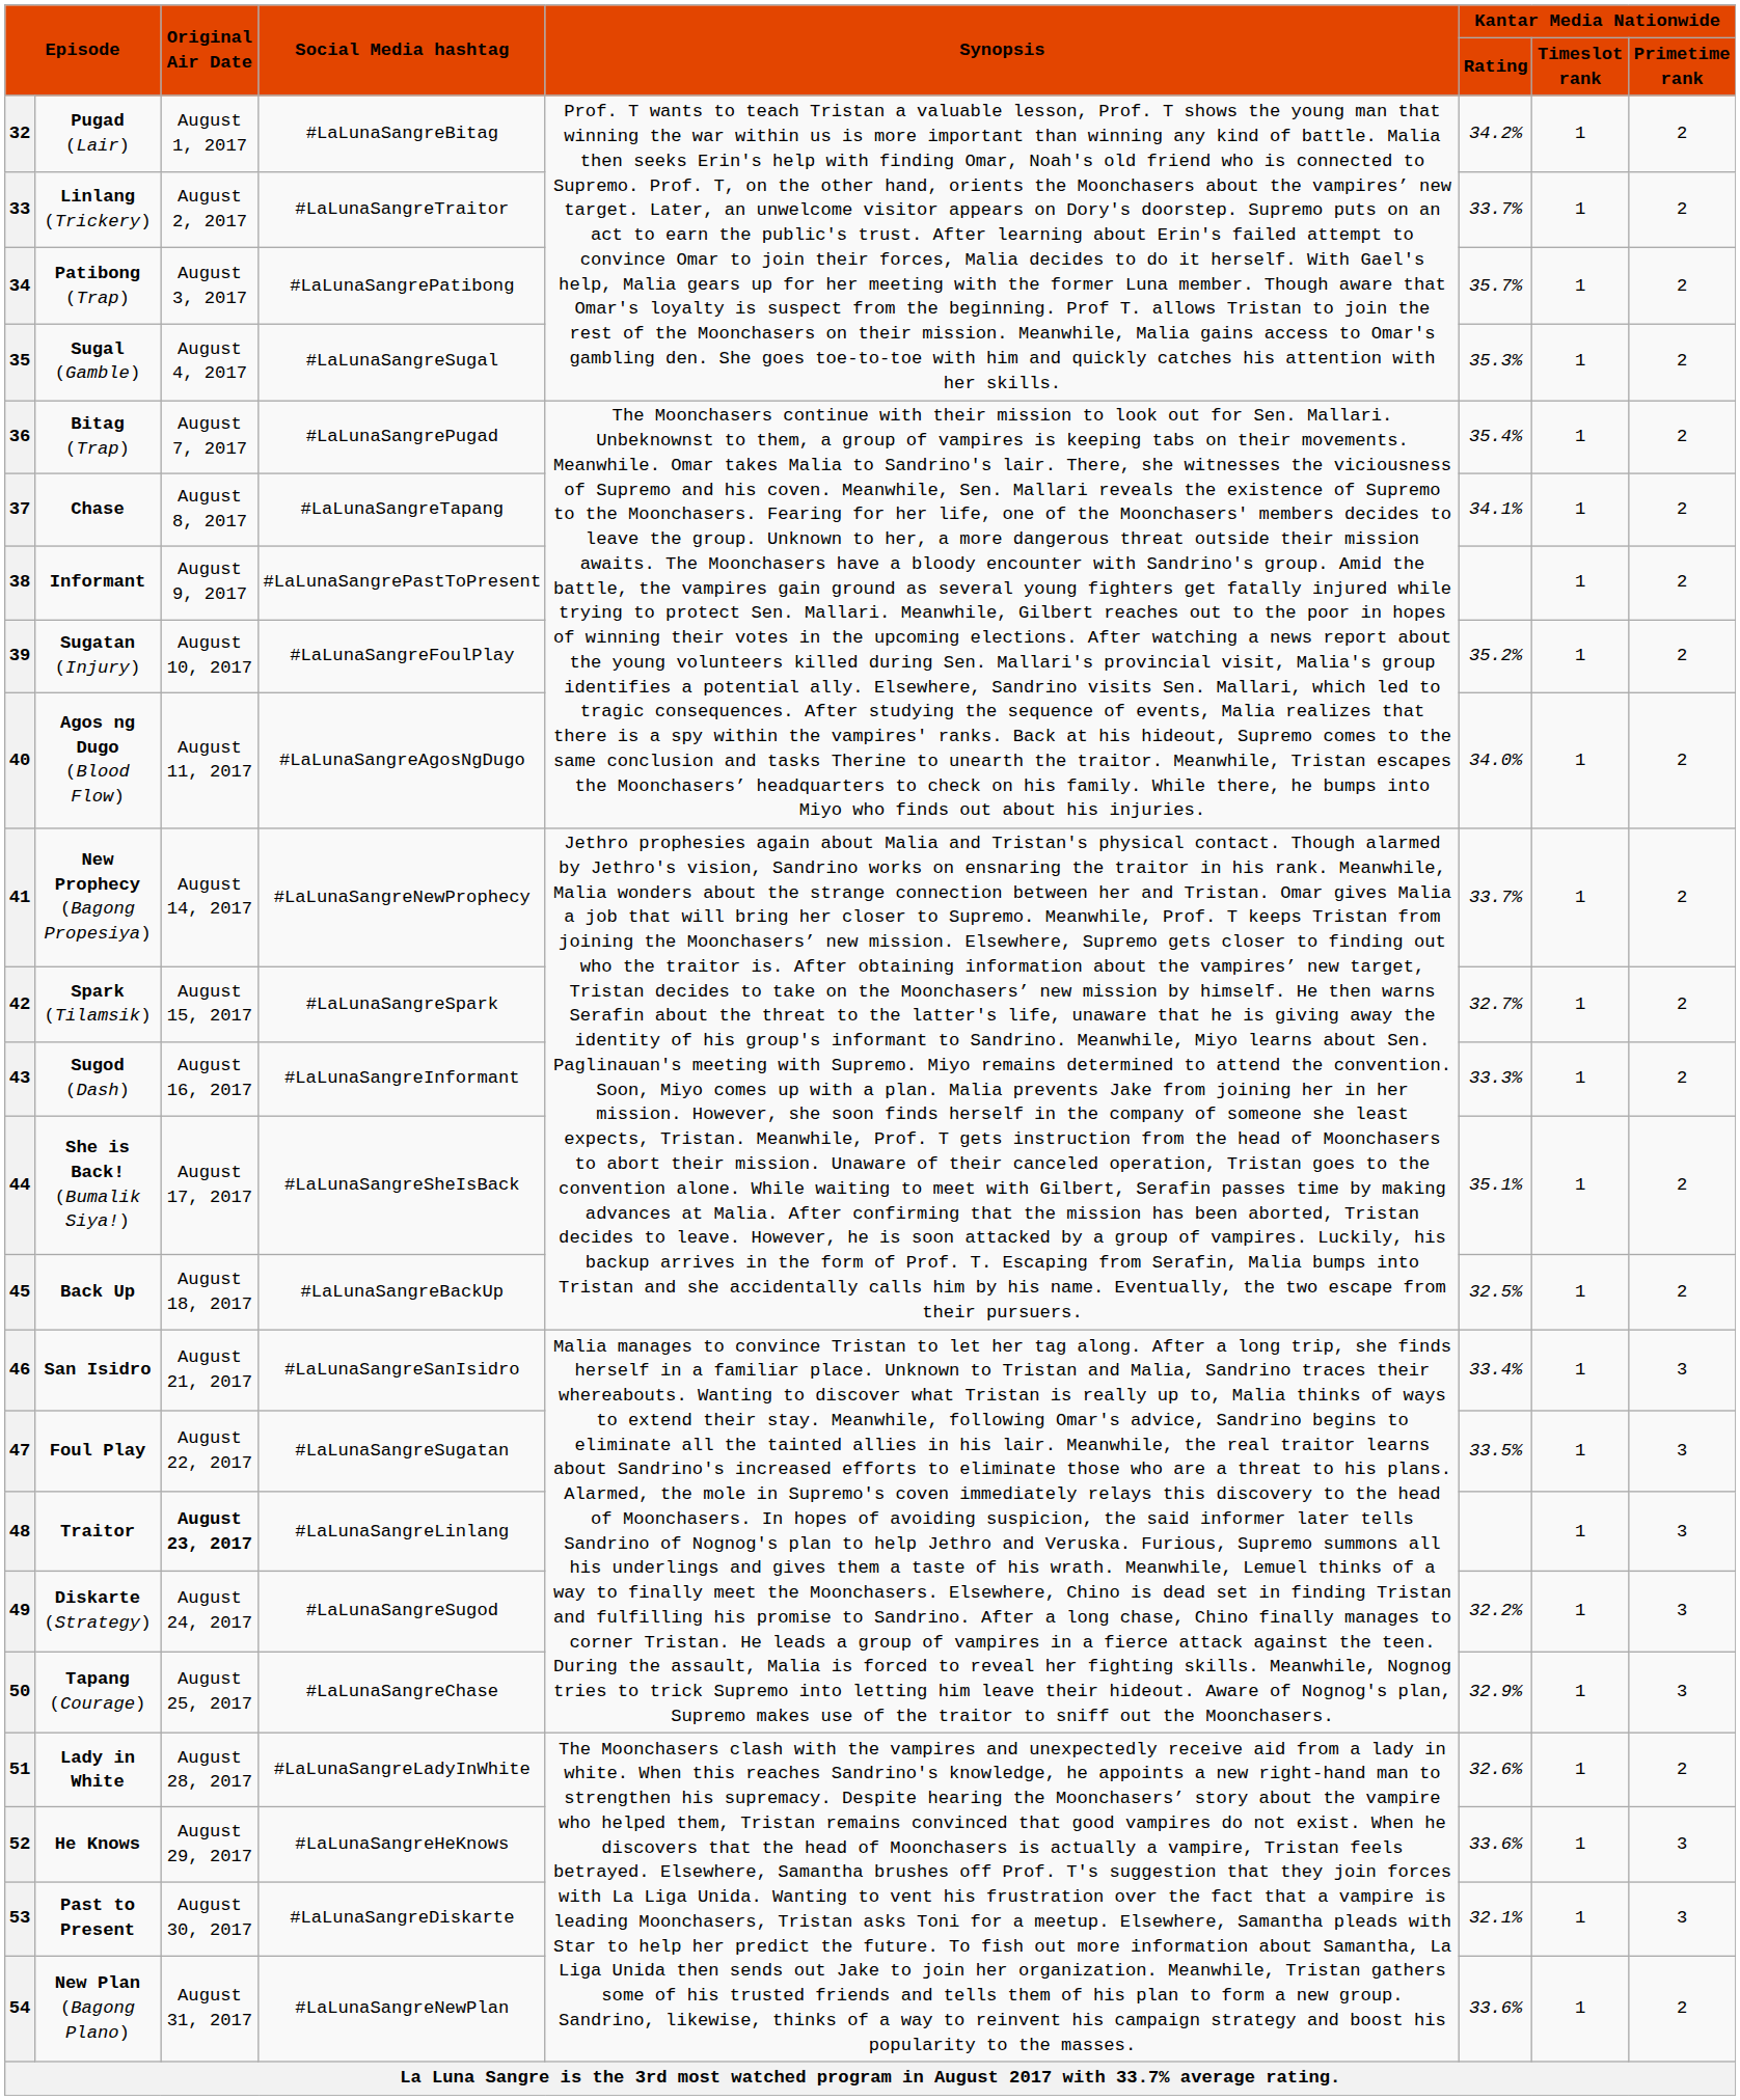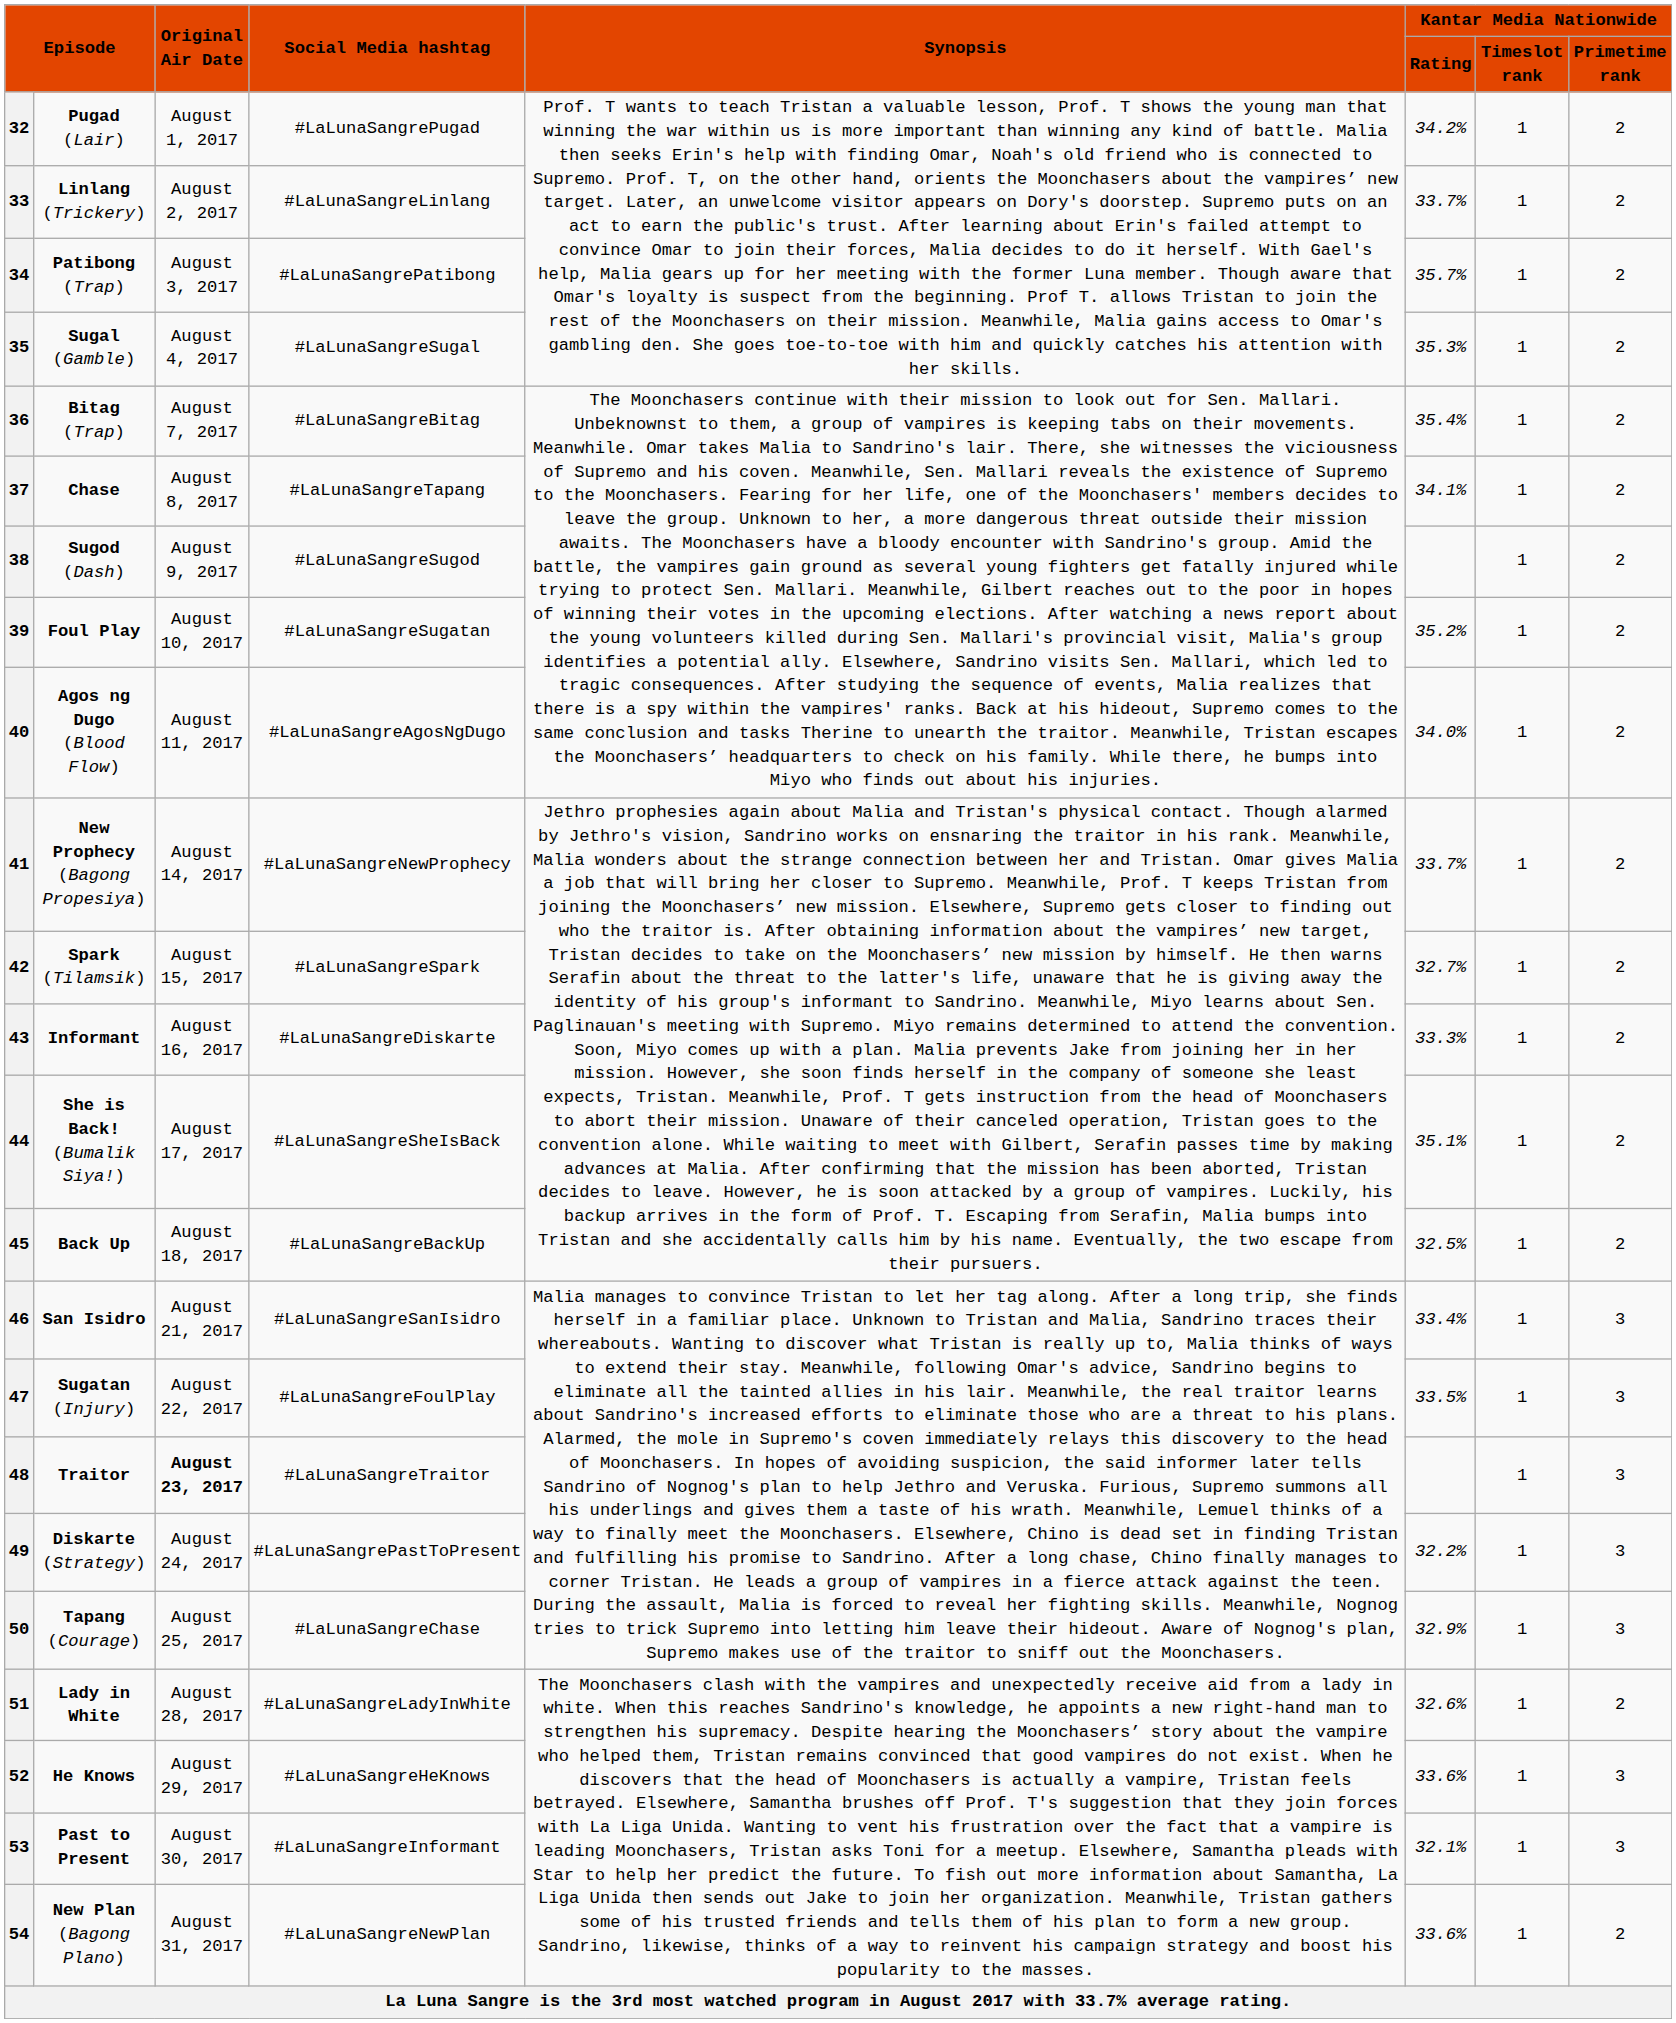 <table class="wikitable" style="text-align:center; font-size:100%; line-height:18px;"  width="100%">
 <tr>
 <th style="background-color:#E34500; color:#000000;" colspan="2" rowspan="2">Episode</th>
 <th style="background-color:#E34500; color:#000000;" rowspan="2">Original Air Date</th>
 <th style="background-color:#E34500; color:#000000;" rowspan="2">Social Media hashtag</th>
 <th style="background-color:#E34500; color:#000000;" rowspan="2">Synopsis</th>
 <th style="background-color:#E34500; color:#000000;" colspan="3">Kantar Media Nationwide</th>
 </tr>
 <tr>
 <th style="background-color:#E34500; color:#000000;">Rating</th>
 <th style="background-color:#E34500; color:#000000;">Timeslot rank</th>
 <th style="background-color:#E34500; color:#000000;">Primetime rank</th>
 </tr>
 <tr>
 <th>32</th>
 <td><strong>Pugad</strong> (<em>Lair</em>)</td>
 <td>August 1, 2017</td>
-<td>#LaLunaSangreBitag</td>
+<td>#LaLunaSangrePugad</td>
 <td rowspan="4">Prof. T wants to teach Tristan a valuable lesson, Prof. T shows the young man that winning the war within us is more important than winning any kind of battle. Malia then seeks Erin's help with finding Omar, Noah's old friend who is connected to Supremo. Prof. T, on the other hand, orients the Moonchasers about the vampires’ new target. Later, an unwelcome visitor appears on Dory's doorstep. Supremo puts on an act to earn the public's trust. After learning about Erin's failed attempt to convince Omar to join their forces, Malia decides to do it herself. With Gael's help, Malia gears up for her meeting with the former Luna member. Though aware that Omar's loyalty is suspect from the beginning. Prof T. allows Tristan to join the rest of the Moonchasers on their mission. Meanwhile, Malia gains access to Omar's gambling den. She goes toe-to-toe with him and quickly catches his attention with her skills.</td>
 <td><em>34.2%</em></td>
 <td>1</td>
 <td>2</td>
 </tr>
 <tr>
 <th>33</th>
 <td><strong>Linlang</strong> (<em>Trickery</em>)</td>
 <td>August 2, 2017</td>
-<td>#LaLunaSangreTraitor</td>
+<td>#LaLunaSangreLinlang</td>
 <td><em>33.7%</em></td>
 <td>1</td>
 <td>2</td>
 </tr>
 <tr>
 <th>34</th>
 <td><strong>Patibong</strong> (<em>Trap</em>)</td>
 <td>August 3, 2017</td>
 <td>#LaLunaSangrePatibong</td>
 <td><em>35.7%</em></td>
 <td>1</td>
 <td>2</td>
 </tr>
 <tr>
 <th>35</th>
 <td><strong>Sugal</strong> (<em>Gamble</em>)</td>
 <td>August 4, 2017</td>
 <td>#LaLunaSangreSugal</td>
 <td><em>35.3%</em></td>
 <td>1</td>
 <td>2</td>
 </tr>
 <tr>
 <th>36</th>
 <td><strong>Bitag</strong> (<em>Trap</em>)</td>
 <td>August 7, 2017</td>
-<td>#LaLunaSangrePugad</td>
+<td>#LaLunaSangreBitag</td>
 <td rowspan="5">The Moonchasers continue with their mission to look out for Sen. Mallari. Unbeknownst to them, a group of vampires is keeping tabs on their movements. Meanwhile. Omar takes Malia to Sandrino's lair. There, she witnesses the viciousness of Supremo and his coven. Meanwhile, Sen. Mallari reveals the existence of Supremo to the Moonchasers. Fearing for her life, one of the Moonchasers' members decides to leave the group. Unknown to her, a more dangerous threat outside their mission awaits. The Moonchasers have a bloody encounter with Sandrino's group. Amid the battle, the vampires gain ground as several young fighters get fatally injured while trying to protect Sen. Mallari. Meanwhile, Gilbert reaches out to the poor in hopes of winning their votes in the upcoming elections. After watching a news report about the young volunteers killed during Sen. Mallari's provincial visit, Malia's group identifies a potential ally. Elsewhere, Sandrino visits Sen. Mallari, which led to tragic consequences. After studying the sequence of events, Malia realizes that there is a spy within the vampires' ranks. Back at his hideout, Supremo comes to the same conclusion and tasks Therine to unearth the traitor. Meanwhile, Tristan escapes the Moonchasers’ headquarters to check on his family. While there, he bumps into Miyo who finds out about his injuries.</td>
 <td><em>35.4%</em></td>
 <td>1</td>
 <td>2</td>
 </tr>
 <tr>
 <th>37</th>
 <td><strong>Chase</strong></td>
 <td>August 8, 2017</td>
 <td>#LaLunaSangreTapang</td>
 <td><em>34.1%</em></td>
 <td>1</td>
 <td>2</td>
 </tr>
 <tr>
 <th>38</th>
-<td><strong>Informant</strong></td>
+<td><strong>Sugod</strong> (<em>Dash</em>)</td>
 <td>August 9, 2017</td>
-<td>#LaLunaSangrePastToPresent</td>
+<td>#LaLunaSangreSugod</td>
 <td></td>
 <td>1</td>
 <td>2</td>
 </tr>
 <tr>
 <th>39</th>
-<td><strong>Sugatan</strong> (<em>Injury</em>)</td>
+<td><strong>Foul Play</strong></td>
 <td>August 10, 2017</td>
-<td>#LaLunaSangreFoulPlay</td>
+<td>#LaLunaSangreSugatan</td>
 <td><em>35.2%</em></td>
 <td>1</td>
 <td>2</td>
 </tr>
 <tr>
 <th>40</th>
 <td><strong>Agos ng Dugo</strong> (<em>Blood Flow</em>)</td>
 <td>August 11, 2017</td>
 <td>#LaLunaSangreAgosNgDugo</td>
 <td><em>34.0%</em></td>
 <td>1</td>
 <td>2</td>
 </tr>
 <tr>
 <th>41</th>
 <td><strong>New Prophecy</strong> (<em>Bagong Propesiya</em>)</td>
 <td>August 14, 2017</td>
 <td>#LaLunaSangreNewProphecy</td>
 <td rowspan="5">Jethro prophesies again about Malia and Tristan's physical contact. Though alarmed by Jethro's vision, Sandrino works on ensnaring the traitor in his rank. Meanwhile, Malia wonders about the strange connection between her and Tristan. Omar gives Malia a job that will bring her closer to Supremo. Meanwhile, Prof. T keeps Tristan from joining the Moonchasers’ new mission. Elsewhere, Supremo gets closer to finding out who the traitor is. After obtaining information about the vampires’ new target, Tristan decides to take on the Moonchasers’ new mission by himself. He then warns Serafin about the threat to the latter's life, unaware that he is giving away the identity of his group's informant to Sandrino. Meanwhile, Miyo learns about Sen. Paglinauan's meeting with Supremo. Miyo remains determined to attend the convention. Soon, Miyo comes up with a plan. Malia prevents Jake from joining her in her mission. However, she soon finds herself in the company of someone she least expects, Tristan. Meanwhile, Prof. T gets instruction from the head of Moonchasers to abort their mission. Unaware of their canceled operation, Tristan goes to the convention alone. While waiting to meet with Gilbert, Serafin passes time by making advances at Malia. After confirming that the mission has been aborted, Tristan decides to leave. However, he is soon attacked by a group of vampires. Luckily, his backup arrives in the form of Prof. T. Escaping from Serafin, Malia bumps into Tristan and she accidentally calls him by his name. Eventually, the two escape from their pursuers.</td>
 <td><em>33.7%</em></td>
 <td>1</td>
 <td>2</td>
 </tr>
 <tr>
 <th>42</th>
 <td><strong>Spark</strong> (<em>Tilamsik</em>)</td>
 <td>August 15, 2017</td>
 <td>#LaLunaSangreSpark</td>
 <td><em>32.7%</em></td>
 <td>1</td>
 <td>2</td>
 </tr>
 <tr>
 <th>43</th>
-<td><strong>Sugod</strong> (<em>Dash</em>)</td>
+<td><strong>Informant</strong></td>
 <td>August 16, 2017</td>
-<td>#LaLunaSangreInformant</td>
+<td>#LaLunaSangreDiskarte</td>
 <td><em>33.3%</em></td>
 <td>1</td>
 <td>2</td>
 </tr>
 <tr>
 <th>44</th>
 <td><strong>She is Back!</strong> (<em>Bumalik Siya!</em>)</td>
 <td>August 17, 2017</td>
 <td>#LaLunaSangreSheIsBack</td>
 <td><em>35.1%</em></td>
 <td>1</td>
 <td>2</td>
 </tr>
 <tr>
 <th>45</th>
 <td><strong>Back Up</strong></td>
 <td>August 18, 2017</td>
 <td>#LaLunaSangreBackUp</td>
 <td><em>32.5%</em></td>
 <td>1</td>
 <td>2</td>
 </tr>
 <tr>
 <th>46</th>
 <td><strong>San Isidro</strong></td>
 <td>August 21, 2017</td>
 <td>#LaLunaSangreSanIsidro</td>
 <td rowspan="5">Malia manages to convince Tristan to let her tag along. After a long trip, she finds herself in a familiar place. Unknown to Tristan and Malia, Sandrino traces their whereabouts. Wanting to discover what Tristan is really up to, Malia thinks of ways to extend their stay. Meanwhile, following Omar's advice, Sandrino begins to eliminate all the tainted allies in his lair. Meanwhile, the real traitor learns about Sandrino's increased efforts to eliminate those who are a threat to his plans. Alarmed, the mole in Supremo's coven immediately relays this discovery to the head of Moonchasers. In hopes of avoiding suspicion, the said informer later tells Sandrino of Nognog's plan to help Jethro and Veruska. Furious, Supremo summons all his underlings and gives them a taste of his wrath. Meanwhile, Lemuel thinks of a way to finally meet the Moonchasers. Elsewhere, Chino is dead set in finding Tristan and fulfilling his promise to Sandrino. After a long chase, Chino finally manages to corner Tristan. He leads a group of vampires in a fierce attack against the teen. During the assault, Malia is forced to reveal her fighting skills. Meanwhile, Nognog tries to trick Supremo into letting him leave their hideout. Aware of Nognog's plan, Supremo makes use of the traitor to sniff out the Moonchasers.</td>
 <td><em>33.4%</em></td>
 <td>1</td>
 <td>3</td>
 </tr>
 <tr>
 <th>47</th>
-<td><strong>Foul Play</strong></td>
+<td><strong>Sugatan</strong> (<em>Injury</em>)</td>
 <td>August 22, 2017</td>
-<td>#LaLunaSangreSugatan</td>
+<td>#LaLunaSangreFoulPlay</td>
 <td><em>33.5%</em></td>
 <td>1</td>
 <td>3</td>
 </tr>
 <tr>
 <th>48</th>
 <td><strong>Traitor</strong></td>
 <td><strong>August 23, 2017</strong></td>
-<td>#LaLunaSangreLinlang</td>
+<td>#LaLunaSangreTraitor</td>
 <td></td>
 <td>1</td>
 <td>3</td>
 </tr>
 <tr>
 <th>49</th>
 <td><strong>Diskarte</strong> (<em>Strategy</em>)</td>
 <td>August 24, 2017</td>
-<td>#LaLunaSangreSugod</td>
+<td>#LaLunaSangrePastToPresent</td>
 <td><em>32.2%</em></td>
 <td>1</td>
 <td>3</td>
 </tr>
 <tr>
 <th>50</th>
 <td><strong>Tapang</strong> (<em>Courage</em>)</td>
 <td>August 25, 2017</td>
 <td>#LaLunaSangreChase</td>
 <td><em>32.9%</em></td>
 <td>1</td>
 <td>3</td>
 </tr>
 <tr>
 <th>51</th>
 <td><strong>Lady in White</strong></td>
 <td>August 28, 2017</td>
 <td>#LaLunaSangreLadyInWhite</td>
 <td rowspan="4">The Moonchasers clash with the vampires and unexpectedly receive aid from a lady in white. When this reaches Sandrino's knowledge, he appoints a new right-hand man to strengthen his supremacy. Despite hearing the Moonchasers’ story about the vampire who helped them, Tristan remains convinced that good vampires do not exist. When he discovers that the head of Moonchasers is actually a vampire, Tristan feels betrayed. Elsewhere, Samantha brushes off Prof. T's suggestion that they join forces with La Liga Unida. Wanting to vent his frustration over the fact that a vampire is leading Moonchasers, Tristan asks Toni for a meetup. Elsewhere, Samantha pleads with Star to help her predict the future. To fish out more information about Samantha, La Liga Unida then sends out Jake to join her organization. Meanwhile, Tristan gathers some of his trusted friends and tells them of his plan to form a new group. Sandrino, likewise, thinks of a way to reinvent his campaign strategy and boost his popularity to the masses.</td>
 <td><em>32.6%</em></td>
 <td>1</td>
 <td>2</td>
 </tr>
 <tr>
 <th>52</th>
 <td><strong>He Knows</strong></td>
 <td>August 29, 2017</td>
 <td>#LaLunaSangreHeKnows</td>
 <td><em>33.6%</em></td>
 <td>1</td>
 <td>3</td>
 </tr>
 <tr>
 <th>53</th>
 <td><strong>Past to Present</strong></td>
 <td>August 30, 2017</td>
-<td>#LaLunaSangreDiskarte</td>
+<td>#LaLunaSangreInformant</td>
 <td><em>32.1%</em></td>
 <td>1</td>
 <td>3</td>
 </tr>
 <tr>
 <th>54</th>
 <td><strong>New Plan</strong> (<em>Bagong Plano</em>)</td>
 <td>August 31, 2017</td>
 <td>#LaLunaSangreNewPlan</td>
 <td><em>33.6%</em></td>
 <td>1</td>
 <td>2</td>
 </tr>
 <tr>
 <th colspan = "8" style="text-align: center; border-: 3px solid #ffba31;">La Luna Sangre is the 3rd most watched program in August 2017 with 33.7% average rating.</th>
 </tr>
 <tr>
 </tr>
 </table>
